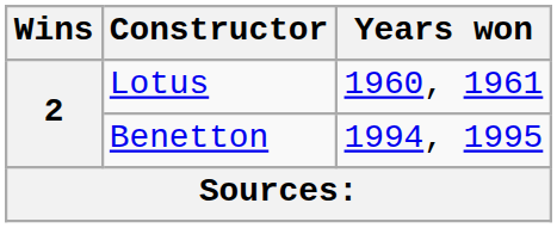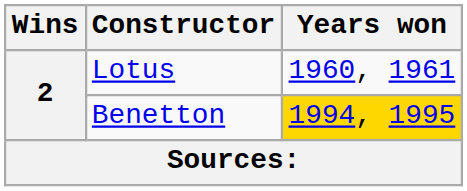 <table class="wikitable" style="font-size: 95%;">
 <tr>
 <th>Wins</th>
 <th>Constructor</th>
 <th>Years won</th>
 </tr>
 <tr>
 <th rowspan=2>2</th>
 <td> <a href='#'>Lotus</a></td>
 <td><span><a href='#'>1960</a>, <a href='#'>1961</a></span></td>
 </tr>
 <tr>
 <td> <a href='#'>Benetton</a></td>
-<td><a href='#'>1994</a>, <a href='#'>1995</a></td>
+<td style="background: gold;"><a href='#'>1994</a>, <a href='#'>1995</a></td>
 </tr>
 <tr>
 <th colspan="3">Sources:</th>
 </tr>
 </table>
